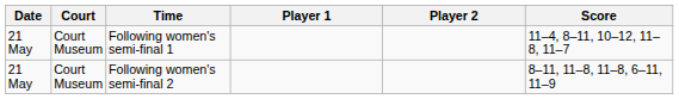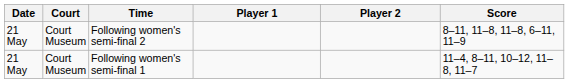 <table class="sortable wikitable" style="font-size:90%">
 <tr>
 <th width="45" class="unsortable">Date</th>
 <th width="55">Court</th>
 <th width="135">Time</th>
 <th width="165">Player 1</th>
 <th width="155">Player 2</th>
 <th width="160" class="unsortable">Score</th>
 </tr>
 <tr>
 <td>21 May</td>
 <td>Court Museum</td>
+<td>Following women's semi-final 2</td>
+<td><strong></strong></td>
+<td></td>
+<td>8–11, 11–8, 11–8, 6–11, 11–9</td>
+</tr>
+<tr>
+<td>21 May</td>
+<td>Court Museum</td>
 <td>Following women's semi-final 1</td>
 <td><strong></strong></td>
 <td></td>
 <td>11–4, 8–11, 10–12, 11–8, 11–7</td>
 </tr>
-<tr>
-<td>21 May</td>
-<td>Court Museum</td>
-<td>Following women's semi-final 2</td>
-<td><strong></strong></td>
-<td></td>
-<td>8–11, 11–8, 11–8, 6–11, 11–9</td>
-</tr>
 </table>
